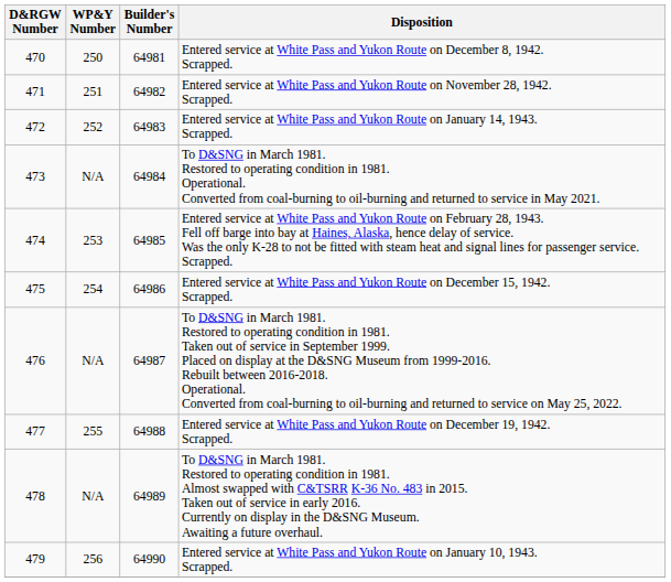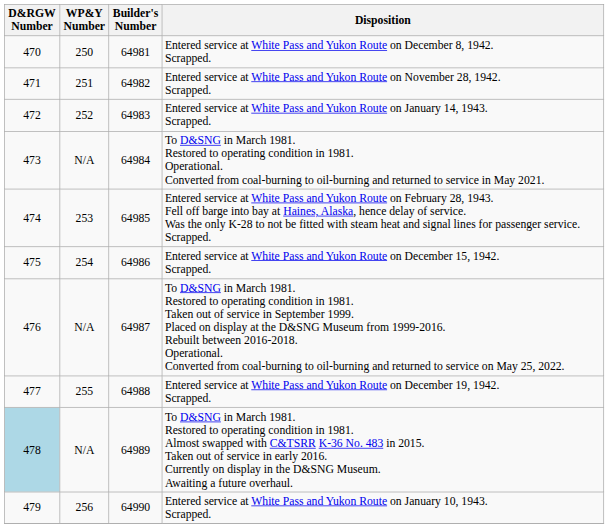 <table class="wikitable" style="width:65%">
 <tr>
 <th>D&RGW<br>Number</th>
 <th>WP&Y<br>Number</th>
 <th>Builder's<br>Number</th>
 <th>Disposition</th>
 </tr>
 <tr>
 <td align="center">470</td>
 <td align="center">250</td>
 <td align="center">64981</td>
 <td>Entered service at <a href='#'>White Pass and Yukon Route</a> on December 8, 1942.<br>Scrapped.</td>
 </tr>
 <tr>
 <td align="center">471</td>
 <td align="center">251</td>
 <td align="center">64982</td>
 <td>Entered service at <a href='#'>White Pass and Yukon Route</a> on November 28, 1942.<br>Scrapped.</td>
 </tr>
 <tr>
 <td align="center">472</td>
 <td align="center">252</td>
 <td align="center">64983</td>
 <td>Entered service at <a href='#'>White Pass and Yukon Route</a> on January 14, 1943.<br>Scrapped.</td>
 </tr>
 <tr>
 <td align="center">473</td>
 <td align="center">N/A</td>
 <td align="center">64984</td>
 <td>To <a href='#'>D&SNG</a> in March 1981.<br>Restored to operating condition in 1981.<br>Operational.<br>Converted from coal-burning to oil-burning and returned to service in May 2021.</td>
 </tr>
 <tr>
 <td align="center">474</td>
 <td align="center">253</td>
 <td align="center">64985</td>
 <td>Entered service at <a href='#'>White Pass and Yukon Route</a> on February 28, 1943.<br>Fell off barge into bay at <a href='#'>Haines, Alaska</a>, hence delay of service.<br>Was the only K-28 to not be fitted with steam heat and signal lines for passenger service.<br>Scrapped.</td>
 </tr>
 <tr>
 <td align="center">475</td>
 <td align="center">254</td>
 <td align="center">64986</td>
 <td>Entered service at <a href='#'>White Pass and Yukon Route</a> on December 15, 1942.<br>Scrapped.</td>
 </tr>
 <tr>
 <td align="center">476</td>
 <td align="center">N/A</td>
 <td align="center">64987</td>
 <td>To <a href='#'>D&SNG</a> in March 1981.<br>Restored to operating condition in 1981.<br>Taken out of service in September 1999.<br>Placed on display at the D&SNG Museum from 1999-2016.<br>Rebuilt between 2016-2018. <br>Operational.<br>Converted from coal-burning to oil-burning and returned to service on May 25, 2022.</td>
 </tr>
 <tr>
 <td align="center">477</td>
 <td align="center">255</td>
 <td align="center">64988</td>
 <td>Entered service at <a href='#'>White Pass and Yukon Route</a> on December 19, 1942.<br>Scrapped.</td>
 </tr>
 <tr>
-<td align="center">478</td>
+<td align="center" style="background: lightblue;">478</td>
 <td align="center">N/A</td>
 <td align="center">64989</td>
 <td>To <a href='#'>D&SNG</a> in March 1981.<br>Restored to operating condition in 1981.<br>Almost swapped with <a href='#'>C&TSRR</a> <a href='#'>K-36 No. 483</a> in 2015.<br>Taken out of service in early 2016.<br>Currently on display in the D&SNG Museum.<br>Awaiting a future overhaul.</td>
 </tr>
 <tr>
 <td align="center">479</td>
 <td align="center">256</td>
 <td align="center">64990</td>
 <td>Entered service at <a href='#'>White Pass and Yukon Route</a> on January 10, 1943.<br>Scrapped.</td>
 </tr>
 <tr>
 </tr>
 </table>
